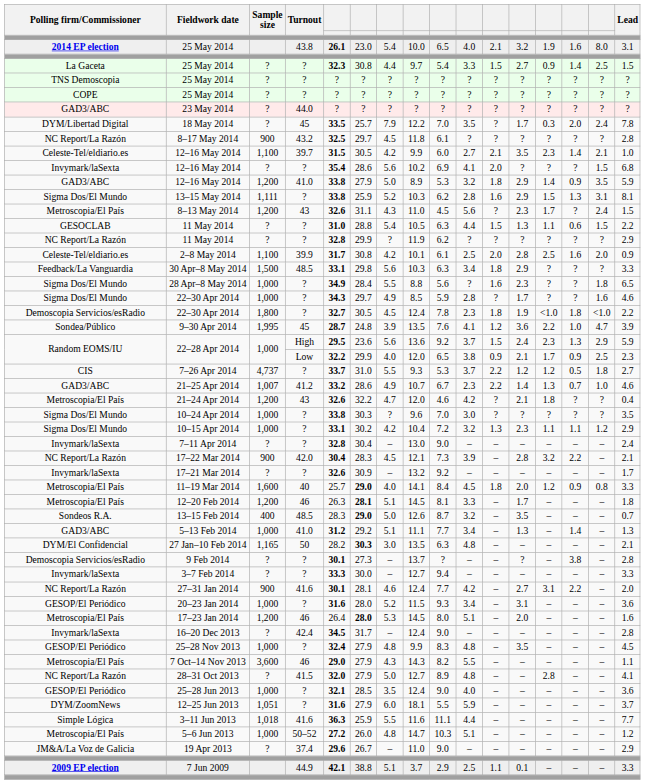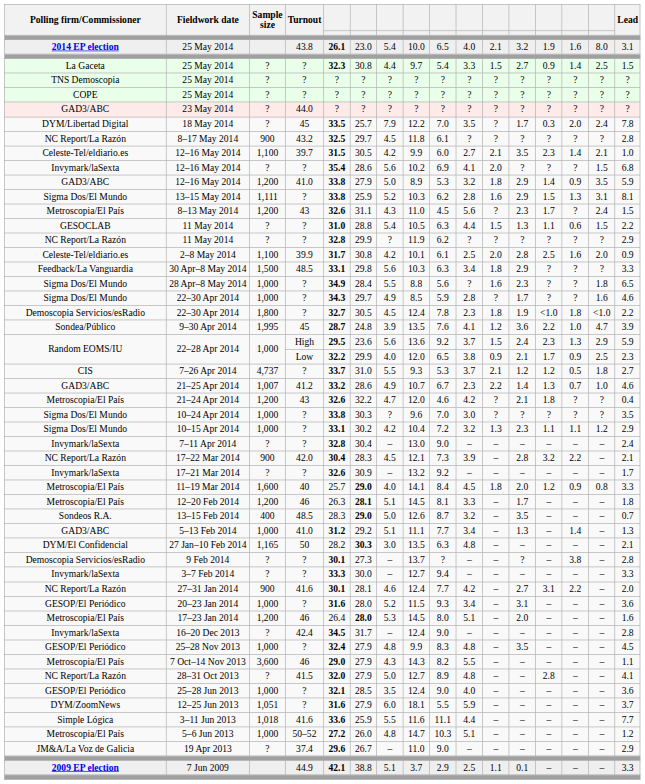 <table class="wikitable collapsible collapsed" style="text-align:center; font-size:95%; line-height:16px;">
 <tr style="height:42px;">
 <th style="width:250px;" rowspan="2">Polling firm/Commissioner</th>
 <th style="width:125px;" rowspan="2">Fieldwork date</th>
 <th style="width:50px;" rowspan="2">Sample size</th>
 <th style="width:45px;" rowspan="2">Turnout</th>
 <th style="width:35px;"></th>
 <th style="width:35px;"></th>
 <th style="width:35px;"></th>
 <th style="width:35px;"></th>
 <th style="width:35px;"></th>
 <th style="width:35px;"></th>
 <th style="width:35px;"></th>
 <th style="width:35px;"></th>
 <th style="width:35px;"></th>
 <th style="width:35px;"></th>
 <th style="width:35px;"></th>
 <th style="width:30px;" rowspan="2">Lead</th>
 </tr>
 <tr>
 <th style="color:inherit;background:"></th>
 <th style="color:inherit;background:"></th>
 <th style="color:inherit;background:"></th>
 <th style="color:inherit;background:"></th>
 <th style="color:inherit;background:"></th>
 <th style="color:inherit;background:"></th>
 <th style="color:inherit;background:"></th>
 <th style="color:inherit;background:"></th>
 <th style="color:inherit;background:"></th>
 <th style="color:inherit;background:"></th>
 <th style="color:inherit;background:"></th>
 </tr>
 <tr>
 <td colspan="16" style="background:#A0A0A0"></td>
 </tr>
 <tr style="background:#EFEFEF;">
 <td><strong><a href='#'>2014 EP election</a></strong></td>
 <td>25 May 2014</td>
 <td></td>
 <td>43.8</td>
 <td><strong>26.1</strong><br></td>
 <td>23.0<br></td>
 <td>5.4<br></td>
 <td>10.0<br></td>
 <td>6.5<br></td>
 <td>4.0<br></td>
 <td>2.1<br></td>
 <td>3.2<br></td>
 <td>1.9<br></td>
 <td>1.6<br></td>
 <td>8.0<br></td>
 <td style="background:">3.1</td>
 </tr>
 <tr>
 <td colspan="16" style="background:#A0A0A0"></td>
 </tr>
 <tr style="background:#EAFFEA;">
 <td>La Gaceta</td>
 <td>25 May 2014</td>
 <td>?</td>
 <td>?</td>
 <td><strong>32.3</strong><br></td>
 <td>30.8<br></td>
 <td>4.4<br></td>
 <td>9.7<br></td>
 <td>5.4<br></td>
 <td>3.3<br></td>
 <td>1.5<br></td>
 <td>2.7<br></td>
 <td>0.9<br></td>
 <td>1.4<br></td>
 <td>2.5<br></td>
 <td style="background:">1.5</td>
 </tr>
 <tr style="background:#EAFFEA;">
 <td>TNS Demoscopia</td>
 <td>25 May 2014</td>
 <td>?</td>
 <td>?</td>
 <td>?<br></td>
 <td>?<br></td>
 <td>?<br></td>
 <td>?<br></td>
 <td>?<br></td>
 <td>?<br></td>
 <td>?<br></td>
 <td>?<br></td>
 <td>?<br></td>
 <td>?<br></td>
 <td>?<br></td>
 <td style="background:">?</td>
 </tr>
 <tr style="background:#EAFFEA;">
 <td>COPE</td>
 <td>25 May 2014</td>
 <td>?</td>
 <td>?</td>
 <td>?<br></td>
 <td>?<br></td>
 <td>?<br></td>
 <td>?<br></td>
 <td>?<br></td>
 <td>?<br></td>
 <td>?<br></td>
 <td>?<br></td>
 <td>?<br></td>
 <td>?<br></td>
 <td>?<br></td>
 <td style="background:">?</td>
 </tr>
 <tr style="background:#FFEAEA;">
 <td>GAD3/ABC</td>
 <td>23 May 2014</td>
 <td>?</td>
 <td>44.0</td>
 <td>?<br></td>
 <td>?<br></td>
 <td>?<br></td>
 <td>?<br></td>
 <td>?<br></td>
 <td>?<br></td>
 <td>?<br></td>
 <td>?<br></td>
 <td>?<br></td>
 <td>?<br></td>
 <td>?<br></td>
 <td style="background:">?</td>
 </tr>
 <tr>
 <td>DYM/Libertad Digital</td>
 <td>18 May 2014</td>
 <td>?</td>
 <td>45</td>
 <td><strong>33.5</strong><br></td>
 <td>25.7<br></td>
 <td>7.9<br></td>
 <td>12.2<br></td>
 <td>7.0<br></td>
 <td>3.5<br></td>
 <td>?<br></td>
 <td>1.7<br></td>
 <td>0.3<br></td>
 <td>2.0<br></td>
 <td>2.4<br></td>
 <td style="background:">7.8</td>
 </tr>
 <tr>
 <td>NC Report/La Razón</td>
 <td>8–17 May 2014</td>
 <td>900</td>
 <td>43.2</td>
 <td><strong>32.5</strong><br></td>
 <td>29.7<br></td>
 <td>4.5<br></td>
 <td>11.8<br></td>
 <td>6.1<br></td>
 <td>?<br></td>
 <td>?<br></td>
 <td>?<br></td>
 <td>?<br></td>
 <td>?<br></td>
 <td>?<br></td>
 <td style="background:">2.8</td>
 </tr>
 <tr>
 <td>Celeste-Tel/eldiario.es</td>
 <td>12–16 May 2014</td>
 <td>1,100</td>
 <td>39.7</td>
 <td><strong>31.5</strong><br></td>
 <td>30.5<br></td>
 <td>4.2<br></td>
 <td>9.9<br></td>
 <td>6.0<br></td>
 <td>2.7<br></td>
 <td>2.1<br></td>
 <td>3.5<br></td>
 <td>2.3<br></td>
 <td>1.4<br></td>
 <td>2.1<br></td>
 <td style="background:">1.0</td>
 </tr>
 <tr>
 <td>Invymark/laSexta</td>
 <td>12–16 May 2014</td>
 <td>?</td>
 <td>?</td>
 <td><strong>35.4</strong><br></td>
 <td>28.6<br></td>
 <td>5.6<br></td>
 <td>10.2<br></td>
 <td>6.9<br></td>
 <td>4.1<br></td>
 <td>2.0<br></td>
 <td>?<br></td>
 <td>?<br></td>
 <td>?<br></td>
 <td>1.5<br></td>
 <td style="background:">6.8</td>
 </tr>
 <tr>
 <td>GAD3/ABC</td>
 <td>12–16 May 2014</td>
 <td>1,200</td>
 <td>41.0</td>
 <td><strong>33.8</strong><br></td>
 <td>27.9<br></td>
 <td>5.0<br></td>
 <td>8.9<br></td>
 <td>5.3<br></td>
 <td>3.2<br></td>
 <td>1.8<br></td>
 <td>2.9<br></td>
 <td>1.4<br></td>
 <td>0.9<br></td>
 <td>3.5<br></td>
 <td style="background:">5.9</td>
 </tr>
 <tr>
 <td>Sigma Dos/El Mundo</td>
 <td>13–15 May 2014</td>
 <td>1,111</td>
 <td>?</td>
 <td><strong>33.8</strong><br></td>
 <td>25.9<br></td>
 <td>5.2<br></td>
 <td>10.3<br></td>
 <td>6.2<br></td>
 <td>2.8<br></td>
 <td>1.6<br></td>
 <td>2.9<br></td>
 <td>1.5<br></td>
 <td>1.3<br></td>
 <td>3.1<br></td>
 <td style="background:">8.1</td>
 </tr>
 <tr>
 <td>Metroscopia/El País</td>
 <td>8–13 May 2014</td>
 <td>1,200</td>
 <td>43</td>
 <td><strong>32.6</strong><br></td>
 <td>31.1<br></td>
 <td>4.3<br></td>
 <td>11.0<br></td>
 <td>4.5<br></td>
 <td>5.6<br></td>
 <td>?<br></td>
 <td>2.3<br></td>
 <td>1.7<br></td>
 <td>?<br></td>
 <td>2.4<br></td>
 <td style="background:">1.5</td>
 </tr>
 <tr>
 <td>GESOCLAB</td>
 <td>11 May 2014</td>
 <td>?</td>
 <td>?</td>
 <td><strong>31.0</strong><br></td>
 <td>28.8<br></td>
 <td>5.4<br></td>
 <td>10.5<br></td>
 <td>6.3<br></td>
 <td>4.4<br></td>
 <td>1.5<br></td>
 <td>1.3<br></td>
 <td>1.1<br></td>
 <td>0.6<br></td>
 <td>1.5<br></td>
 <td style="background:">2.2</td>
 </tr>
 <tr>
 <td>NC Report/La Razón</td>
 <td>11 May 2014</td>
 <td>?</td>
 <td>?</td>
 <td><strong>32.8</strong><br></td>
 <td>29.9<br></td>
 <td>?<br></td>
 <td>11.9<br></td>
 <td>6.2<br></td>
 <td>?<br></td>
 <td>?<br></td>
 <td>?<br></td>
 <td>?<br></td>
 <td>?<br></td>
 <td>?<br></td>
 <td style="background:">2.9</td>
 </tr>
 <tr>
 <td>Celeste-Tel/eldiario.es</td>
 <td>2–8 May 2014</td>
 <td>1,100</td>
 <td>39.9</td>
 <td><strong>31.7</strong><br></td>
 <td>30.8<br></td>
 <td>4.2<br></td>
 <td>10.1<br></td>
 <td>6.1<br></td>
 <td>2.5<br></td>
 <td>2.0<br></td>
 <td>2.8<br></td>
 <td>2.5<br></td>
 <td>1.6<br></td>
 <td>2.0<br></td>
 <td style="background:">0.9</td>
 </tr>
 <tr>
 <td>Feedback/La Vanguardia</td>
 <td>30 Apr–8 May 2014</td>
 <td>1,500</td>
 <td>48.5</td>
 <td><strong>33.1</strong><br></td>
 <td>29.8<br></td>
 <td>5.6<br></td>
 <td>10.3<br></td>
 <td>6.3<br></td>
 <td>3.4<br></td>
 <td>1.8<br></td>
 <td>2.9<br></td>
 <td>?<br></td>
 <td>?<br></td>
 <td>?<br></td>
 <td style="background:">3.3</td>
 </tr>
 <tr>
 <td>Sigma Dos/El Mundo</td>
 <td>28 Apr–8 May 2014</td>
 <td>1,000</td>
 <td>?</td>
 <td><strong>34.9</strong><br></td>
 <td>28.4<br></td>
 <td>5.5<br></td>
 <td>8.8<br></td>
 <td>5.6<br></td>
 <td>?<br></td>
 <td>1.6<br></td>
 <td>2.3<br></td>
 <td>?<br></td>
 <td>?<br></td>
 <td>1.8<br></td>
 <td style="background:">6.5</td>
 </tr>
 <tr>
 <td>Sigma Dos/El Mundo</td>
 <td>22–30 Apr 2014</td>
 <td>1,000</td>
 <td>?</td>
 <td><strong>34.3</strong><br></td>
 <td>29.7<br></td>
 <td>4.9<br></td>
 <td>8.5<br></td>
 <td>5.9<br></td>
 <td>2.8<br></td>
 <td>?<br></td>
 <td>1.7<br></td>
 <td>?<br></td>
 <td>?<br></td>
 <td>1.6<br></td>
 <td style="background:">4.6</td>
 </tr>
 <tr>
 <td>Demoscopia Servicios/esRadio</td>
 <td>22–30 Apr 2014</td>
 <td>1,800</td>
 <td>?</td>
 <td><strong>32.7</strong><br></td>
 <td>30.5<br></td>
 <td>4.5<br></td>
 <td>12.4<br></td>
 <td>7.8<br></td>
 <td>2.3<br></td>
 <td>1.8<br></td>
 <td>1.9<br></td>
 <td><1.0<br></td>
 <td>1.8<br></td>
 <td><1.0<br></td>
 <td style="background:">2.2</td>
 </tr>
 <tr>
 <td>Sondea/Público</td>
 <td>9–30 Apr 2014</td>
 <td>1,995</td>
 <td>45</td>
 <td><strong>28.7</strong><br></td>
 <td>24.8<br></td>
 <td>3.9<br></td>
 <td>13.5<br></td>
 <td>7.6<br></td>
 <td>4.1<br></td>
 <td>1.2<br></td>
 <td>3.6<br></td>
 <td>2.2<br></td>
 <td>1.0<br></td>
 <td>4.7<br></td>
 <td style="background:">3.9</td>
 </tr>
 <tr>
 <td rowspan="2">Random EOMS/IU</td>
 <td rowspan="2">22–28 Apr 2014</td>
 <td rowspan="2">1,000</td>
 <td>High</td>
 <td><strong>29.5</strong><br></td>
 <td>23.6<br></td>
 <td>5.6<br></td>
 <td>13.6<br></td>
 <td>9.2<br></td>
 <td>3.7<br></td>
 <td>1.5<br></td>
 <td>2.4<br></td>
 <td>2.3<br></td>
 <td>1.3<br></td>
 <td>2.9<br></td>
 <td style="background:">5.9</td>
 </tr>
 <tr>
 <td>Low</td>
 <td><strong>32.2</strong><br></td>
 <td>29.9<br></td>
 <td>4.0<br></td>
 <td>12.0<br></td>
 <td>6.5<br></td>
 <td>3.8<br></td>
 <td>0.9<br></td>
 <td>2.1<br></td>
 <td>1.7<br></td>
 <td>0.9<br></td>
 <td>2.5<br></td>
 <td style="background:">2.3</td>
 </tr>
 <tr>
 <td>CIS</td>
 <td>7–26 Apr 2014</td>
 <td>4,737</td>
 <td>?</td>
 <td><strong>33.7</strong><br></td>
 <td>31.0<br></td>
 <td>5.5<br></td>
 <td>9.3<br></td>
 <td>5.3<br></td>
 <td>3.7<br></td>
-<td>2.2<br></td>
+<td>2.1<br></td>
 <td>1.2<br></td>
 <td>1.2<br></td>
 <td>0.5<br></td>
 <td>1.8<br></td>
 <td style="background:">2.7</td>
 </tr>
 <tr>
 <td>GAD3/ABC</td>
 <td>21–25 Apr 2014</td>
 <td>1,007</td>
 <td>41.2</td>
 <td><strong>33.2</strong><br></td>
 <td>28.6<br></td>
 <td>4.9<br></td>
 <td>10.7<br></td>
 <td>6.7<br></td>
 <td>2.3<br></td>
 <td>2.2<br></td>
 <td>1.4<br></td>
 <td>1.3<br></td>
 <td>0.7<br></td>
 <td>1.0<br></td>
 <td style="background:">4.6</td>
 </tr>
 <tr>
 <td>Metroscopia/El País</td>
 <td>21–24 Apr 2014</td>
 <td>1,200</td>
 <td>43</td>
 <td><strong>32.6</strong><br></td>
 <td>32.2<br></td>
 <td>4.7<br></td>
 <td>12.0<br></td>
 <td>4.6<br></td>
 <td>4.2<br></td>
 <td>?<br></td>
 <td>2.1<br></td>
 <td>1.8<br></td>
 <td>?<br></td>
 <td>?<br></td>
 <td style="background:">0.4</td>
 </tr>
 <tr>
 <td>Sigma Dos/El Mundo</td>
 <td>10–24 Apr 2014</td>
 <td>1,000</td>
 <td>?</td>
 <td><strong>33.8</strong><br></td>
 <td>30.3<br></td>
 <td>?<br></td>
 <td>9.6<br></td>
 <td>7.0<br></td>
 <td>3.0<br></td>
 <td>?<br></td>
 <td>?<br></td>
 <td>?<br></td>
 <td>?<br></td>
 <td>?<br></td>
 <td style="background:">3.5</td>
 </tr>
 <tr>
 <td>Sigma Dos/El Mundo</td>
 <td>10–15 Apr 2014</td>
 <td>1,000</td>
 <td>?</td>
 <td><strong>33.1</strong><br></td>
 <td>30.2<br></td>
 <td>4.2<br></td>
 <td>10.4<br></td>
 <td>7.2<br></td>
 <td>3.2<br></td>
 <td>1.3<br></td>
 <td>2.3<br></td>
 <td>1.1<br></td>
 <td>1.1<br></td>
 <td>1.2<br></td>
 <td style="background:">2.9</td>
 </tr>
 <tr>
 <td>Invymark/laSexta</td>
 <td>7–11 Apr 2014</td>
 <td>?</td>
 <td>?</td>
 <td><strong>32.8</strong></td>
 <td>30.4</td>
 <td>–</td>
 <td>13.0</td>
 <td>9.0</td>
 <td>–</td>
 <td>–</td>
 <td>–</td>
 <td>–</td>
 <td>–</td>
 <td>–</td>
 <td style="background:">2.4</td>
 </tr>
 <tr>
 <td>NC Report/La Razón</td>
 <td>17–22 Mar 2014</td>
 <td>900</td>
 <td>42.0</td>
 <td><strong>30.4</strong><br></td>
 <td>28.3<br></td>
 <td>4.5<br></td>
 <td>12.1<br></td>
 <td>7.3<br></td>
 <td>3.9<br></td>
 <td>–</td>
 <td>2.8<br></td>
 <td>3.2<br></td>
 <td>2.2<br></td>
 <td>–</td>
 <td style="background:">2.1</td>
 </tr>
 <tr>
 <td>Invymark/laSexta</td>
 <td>17–21 Mar 2014</td>
 <td>?</td>
 <td>?</td>
 <td><strong>32.6</strong></td>
 <td>30.9</td>
 <td>–</td>
 <td>13.2</td>
 <td>9.2</td>
 <td>–</td>
 <td>–</td>
 <td>–</td>
 <td>–</td>
 <td>–</td>
 <td>–</td>
 <td style="background:">1.7</td>
 </tr>
 <tr>
 <td>Metroscopia/El País</td>
 <td>11–19 Mar 2014</td>
 <td>1,600</td>
 <td>40</td>
 <td>25.7<br></td>
 <td><strong>29.0</strong><br></td>
 <td>4.0<br></td>
 <td>14.1<br></td>
 <td>8.4<br></td>
 <td>4.5<br></td>
 <td>1.8<br></td>
 <td>2.0<br></td>
 <td>1.2<br></td>
 <td>0.9<br></td>
 <td>0.8<br></td>
 <td style="background:">3.3</td>
 </tr>
 <tr>
 <td>Metroscopia/El País</td>
 <td>12–20 Feb 2014</td>
 <td>1,200</td>
 <td>46</td>
 <td>26.3<br></td>
 <td><strong>28.1</strong><br></td>
 <td>5.1<br></td>
 <td>14.5<br></td>
 <td>8.1<br></td>
 <td>3.3<br></td>
 <td>–</td>
 <td>1.7<br></td>
 <td>–</td>
 <td>–</td>
 <td>–</td>
 <td style="background:">1.8</td>
 </tr>
 <tr>
 <td>Sondeos R.A.</td>
 <td>13–15 Feb 2014</td>
 <td>400</td>
 <td>48.5</td>
 <td>28.3<br></td>
 <td><strong>29.0</strong><br></td>
 <td>5.0<br></td>
 <td>12.6<br></td>
 <td>8.7<br></td>
 <td>3.2<br></td>
 <td>–</td>
 <td>3.5<br></td>
 <td>–</td>
 <td>–</td>
 <td>–</td>
 <td style="background:">0.7</td>
 </tr>
 <tr>
 <td>GAD3/ABC</td>
 <td>5–13 Feb 2014</td>
 <td>1,000</td>
 <td>41.0</td>
 <td><strong>31.2</strong><br></td>
 <td>29.2<br></td>
 <td>5.1<br></td>
 <td>11.1<br></td>
 <td>7.7<br></td>
 <td>3.4<br></td>
 <td>–</td>
 <td>1.3<br></td>
 <td>–</td>
 <td>1.4<br></td>
 <td>–</td>
 <td style="background:">1.3</td>
 </tr>
 <tr>
 <td>DYM/El Confidencial</td>
 <td>27 Jan–10 Feb 2014</td>
 <td>1,165</td>
 <td>50</td>
 <td>28.2<br></td>
 <td><strong>30.3</strong><br></td>
 <td>3.0<br></td>
 <td>13.5<br></td>
 <td>6.3<br></td>
 <td>4.8<br></td>
 <td>–</td>
 <td>–</td>
 <td>–</td>
 <td>–</td>
 <td>–</td>
 <td style="background:">2.1</td>
 </tr>
 <tr>
 <td>Demoscopia Servicios/esRadio</td>
 <td>9 Feb 2014</td>
 <td>?</td>
 <td>?</td>
 <td><strong>30.1</strong><br></td>
 <td>27.3<br></td>
 <td>–</td>
 <td>13.7<br></td>
 <td>?<br></td>
 <td>–</td>
 <td>–</td>
 <td>?<br></td>
 <td>–</td>
 <td>3.8<br></td>
 <td>–</td>
 <td style="background:">2.8</td>
 </tr>
 <tr>
 <td>Invymark/laSexta</td>
 <td>3–7 Feb 2014</td>
 <td>?</td>
 <td>?</td>
 <td><strong>33.3</strong></td>
 <td>30.0</td>
 <td>–</td>
 <td>12.7</td>
 <td>9.4</td>
 <td>–</td>
 <td>–</td>
 <td>–</td>
 <td>–</td>
 <td>–</td>
 <td>–</td>
 <td style="background:">3.3</td>
 </tr>
 <tr>
 <td>NC Report/La Razón</td>
 <td>27–31 Jan 2014</td>
 <td>900</td>
 <td>41.6</td>
 <td><strong>30.1</strong><br></td>
 <td>28.1<br></td>
 <td>4.6<br></td>
 <td>12.4<br></td>
 <td>7.7<br></td>
 <td>4.2<br></td>
 <td>–</td>
 <td>2.7<br></td>
 <td>3.1<br></td>
 <td>2.2<br></td>
 <td>–</td>
 <td style="background:">2.0</td>
 </tr>
 <tr>
 <td>GESOP/El Periódico</td>
 <td>20–23 Jan 2014</td>
 <td>1,000</td>
 <td>?</td>
 <td><strong>31.6</strong><br></td>
 <td>28.0<br></td>
 <td>5.2<br></td>
 <td>11.5<br></td>
 <td>9.3<br></td>
 <td>3.4<br></td>
 <td>–</td>
 <td>3.1<br></td>
 <td>–</td>
 <td>–</td>
 <td>–</td>
 <td style="background:">3.6</td>
 </tr>
 <tr>
 <td>Metroscopia/El País</td>
 <td>17–23 Jan 2014</td>
 <td>1,200</td>
 <td>46</td>
 <td>26.4<br></td>
 <td><strong>28.0</strong><br></td>
 <td>5.3<br></td>
 <td>14.5<br></td>
 <td>8.0<br></td>
 <td>5.1<br></td>
 <td>–</td>
 <td>2.0<br></td>
 <td>–</td>
 <td>–</td>
 <td>–</td>
 <td style="background:">1.6</td>
 </tr>
 <tr>
 <td>Invymark/laSexta</td>
 <td>16–20 Dec 2013</td>
 <td>?</td>
 <td>42.4</td>
 <td><strong>34.5</strong></td>
 <td>31.7</td>
 <td>–</td>
 <td>12.4</td>
 <td>9.0</td>
 <td>–</td>
 <td>–</td>
 <td>–</td>
 <td>–</td>
 <td>–</td>
 <td>–</td>
 <td style="background:">2.8</td>
 </tr>
 <tr>
 <td>GESOP/El Periódico</td>
 <td>25–28 Nov 2013</td>
 <td>1,000</td>
 <td>?</td>
 <td><strong>32.4</strong><br></td>
 <td>27.9<br></td>
 <td>4.8<br></td>
 <td>9.9<br></td>
 <td>8.3<br></td>
 <td>4.8<br></td>
 <td>–</td>
 <td>3.5<br></td>
 <td>–</td>
 <td>–</td>
 <td>–</td>
 <td style="background:">4.5</td>
 </tr>
 <tr>
 <td>Metroscopia/El País</td>
 <td>7 Oct–14 Nov 2013</td>
 <td>3,600</td>
 <td>46</td>
 <td><strong>29.0</strong><br></td>
 <td>27.9<br></td>
 <td>4.3<br></td>
 <td>14.3<br></td>
 <td>8.2<br></td>
 <td>5.5<br></td>
 <td>–</td>
 <td>–</td>
 <td>–</td>
 <td>–</td>
 <td>–</td>
 <td style="background:">1.1</td>
 </tr>
 <tr>
 <td>NC Report/La Razón</td>
 <td>28–31 Oct 2013</td>
 <td>?</td>
 <td>41.5</td>
 <td><strong>32.0</strong><br></td>
 <td>27.9<br></td>
 <td>5.0<br></td>
 <td>12.7<br></td>
 <td>8.9<br></td>
 <td>4.8<br></td>
 <td>–</td>
 <td>–</td>
 <td>2.8<br></td>
 <td>–</td>
 <td>–</td>
 <td style="background:">4.1</td>
 </tr>
 <tr>
 <td>GESOP/El Periódico</td>
 <td>25–28 Jun 2013</td>
 <td>1,000</td>
 <td>?</td>
 <td><strong>32.1</strong><br></td>
 <td>28.5<br></td>
 <td>3.5<br></td>
 <td>12.4<br></td>
 <td>9.0<br></td>
 <td>4.0<br></td>
 <td>–</td>
 <td>–</td>
 <td>–</td>
 <td>–</td>
 <td>–</td>
 <td style="background:">3.6</td>
 </tr>
 <tr>
 <td>DYM/ZoomNews</td>
 <td>12–25 Jun 2013</td>
 <td>1,051</td>
 <td>?</td>
 <td><strong>31.6</strong><br></td>
 <td>27.9<br></td>
 <td>6.0<br></td>
 <td>18.1<br></td>
 <td>5.5<br></td>
 <td>5.9<br></td>
 <td>–</td>
 <td>–</td>
 <td>–</td>
 <td>–</td>
 <td>–</td>
 <td style="background:">3.7</td>
 </tr>
 <tr>
 <td>Simple Lógica</td>
 <td>3–11 Jun 2013</td>
 <td>1,018</td>
 <td>41.6</td>
-<td><strong>36.3</strong></td>
+<td><strong>33.6</strong></td>
 <td>25.9</td>
 <td>5.5</td>
 <td>11.6</td>
 <td>11.1</td>
 <td>4.4</td>
 <td>–</td>
 <td>–</td>
 <td>–</td>
 <td>–</td>
 <td>–</td>
 <td style="background:">7.7</td>
 </tr>
 <tr>
 <td>Metroscopia/El País</td>
 <td>5–6 Jun 2013</td>
 <td>1,000</td>
 <td>50–52</td>
 <td><strong>27.2</strong><br></td>
 <td>26.0<br></td>
 <td>4.8<br></td>
 <td>14.7<br></td>
 <td>10.3<br></td>
 <td>5.1<br></td>
 <td>–</td>
 <td>–</td>
 <td>–</td>
 <td>–</td>
 <td>–</td>
 <td style="background:">1.2</td>
 </tr>
 <tr>
 <td>JM&A/La Voz de Galicia</td>
 <td>19 Apr 2013</td>
 <td>?</td>
 <td>37.4</td>
 <td><strong>29.6</strong><br></td>
 <td>26.7<br></td>
 <td>–</td>
 <td>11.0<br></td>
 <td>9.0<br></td>
 <td>–</td>
 <td>–</td>
 <td>–</td>
 <td>–</td>
 <td>–</td>
 <td>–</td>
 <td style="background:">2.9</td>
 </tr>
 <tr>
 <td colspan="16" style="background:#A0A0A0"></td>
 </tr>
 <tr style="background:#EFEFEF;">
 <td><strong><a href='#'>2009 EP election</a></strong></td>
 <td>7 Jun 2009</td>
 <td></td>
 <td>44.9</td>
 <td><strong>42.1</strong><br></td>
 <td>38.8<br></td>
 <td>5.1<br></td>
 <td>3.7<br></td>
 <td>2.9<br></td>
 <td>2.5<br></td>
 <td>1.1<br></td>
 <td>0.1<br></td>
 <td>–</td>
 <td>–</td>
 <td>–</td>
 <td style="background:">3.3</td>
 </tr>
 <tr>
 <td colspan="16" style="background:#A0A0A0"></td>
 </tr>
 </table>
